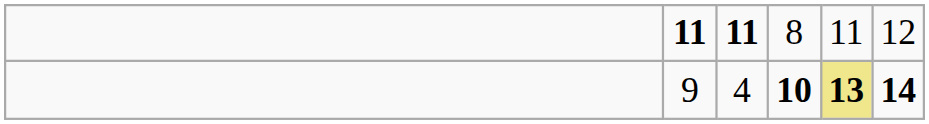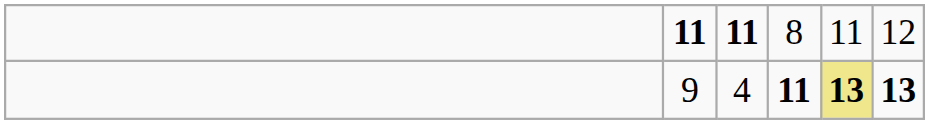 <table class="wikitable">
 <tr>
 <td style="width:18em"></td>
 <td align=center style="width:1em"><strong>11</strong></td>
 <td align=center style="width:1em"><strong>11</strong></td>
 <td align=center style="width:1em">8</td>
 <td align=center style="width:1em">11</td>
 <td align=center style="width:1em">12</td>
 </tr>
 <tr>
 <td style="width:18em"><strong> </strong></td>
 <td align=center style="width:1em">9</td>
 <td align=center style="width:1em">4</td>
-<td align=center style="width:1em"><strong>10</strong></td>
+<td align=center style="width:1em"><strong>11</strong></td>
 <td align=center style="background: khaki; width:1em"><strong>13</strong></td>
-<td align=center style="width:1em"><strong>14</strong></td>
+<td align=center style="width:1em"><strong>13</strong></td>
 </tr>
 </table>
